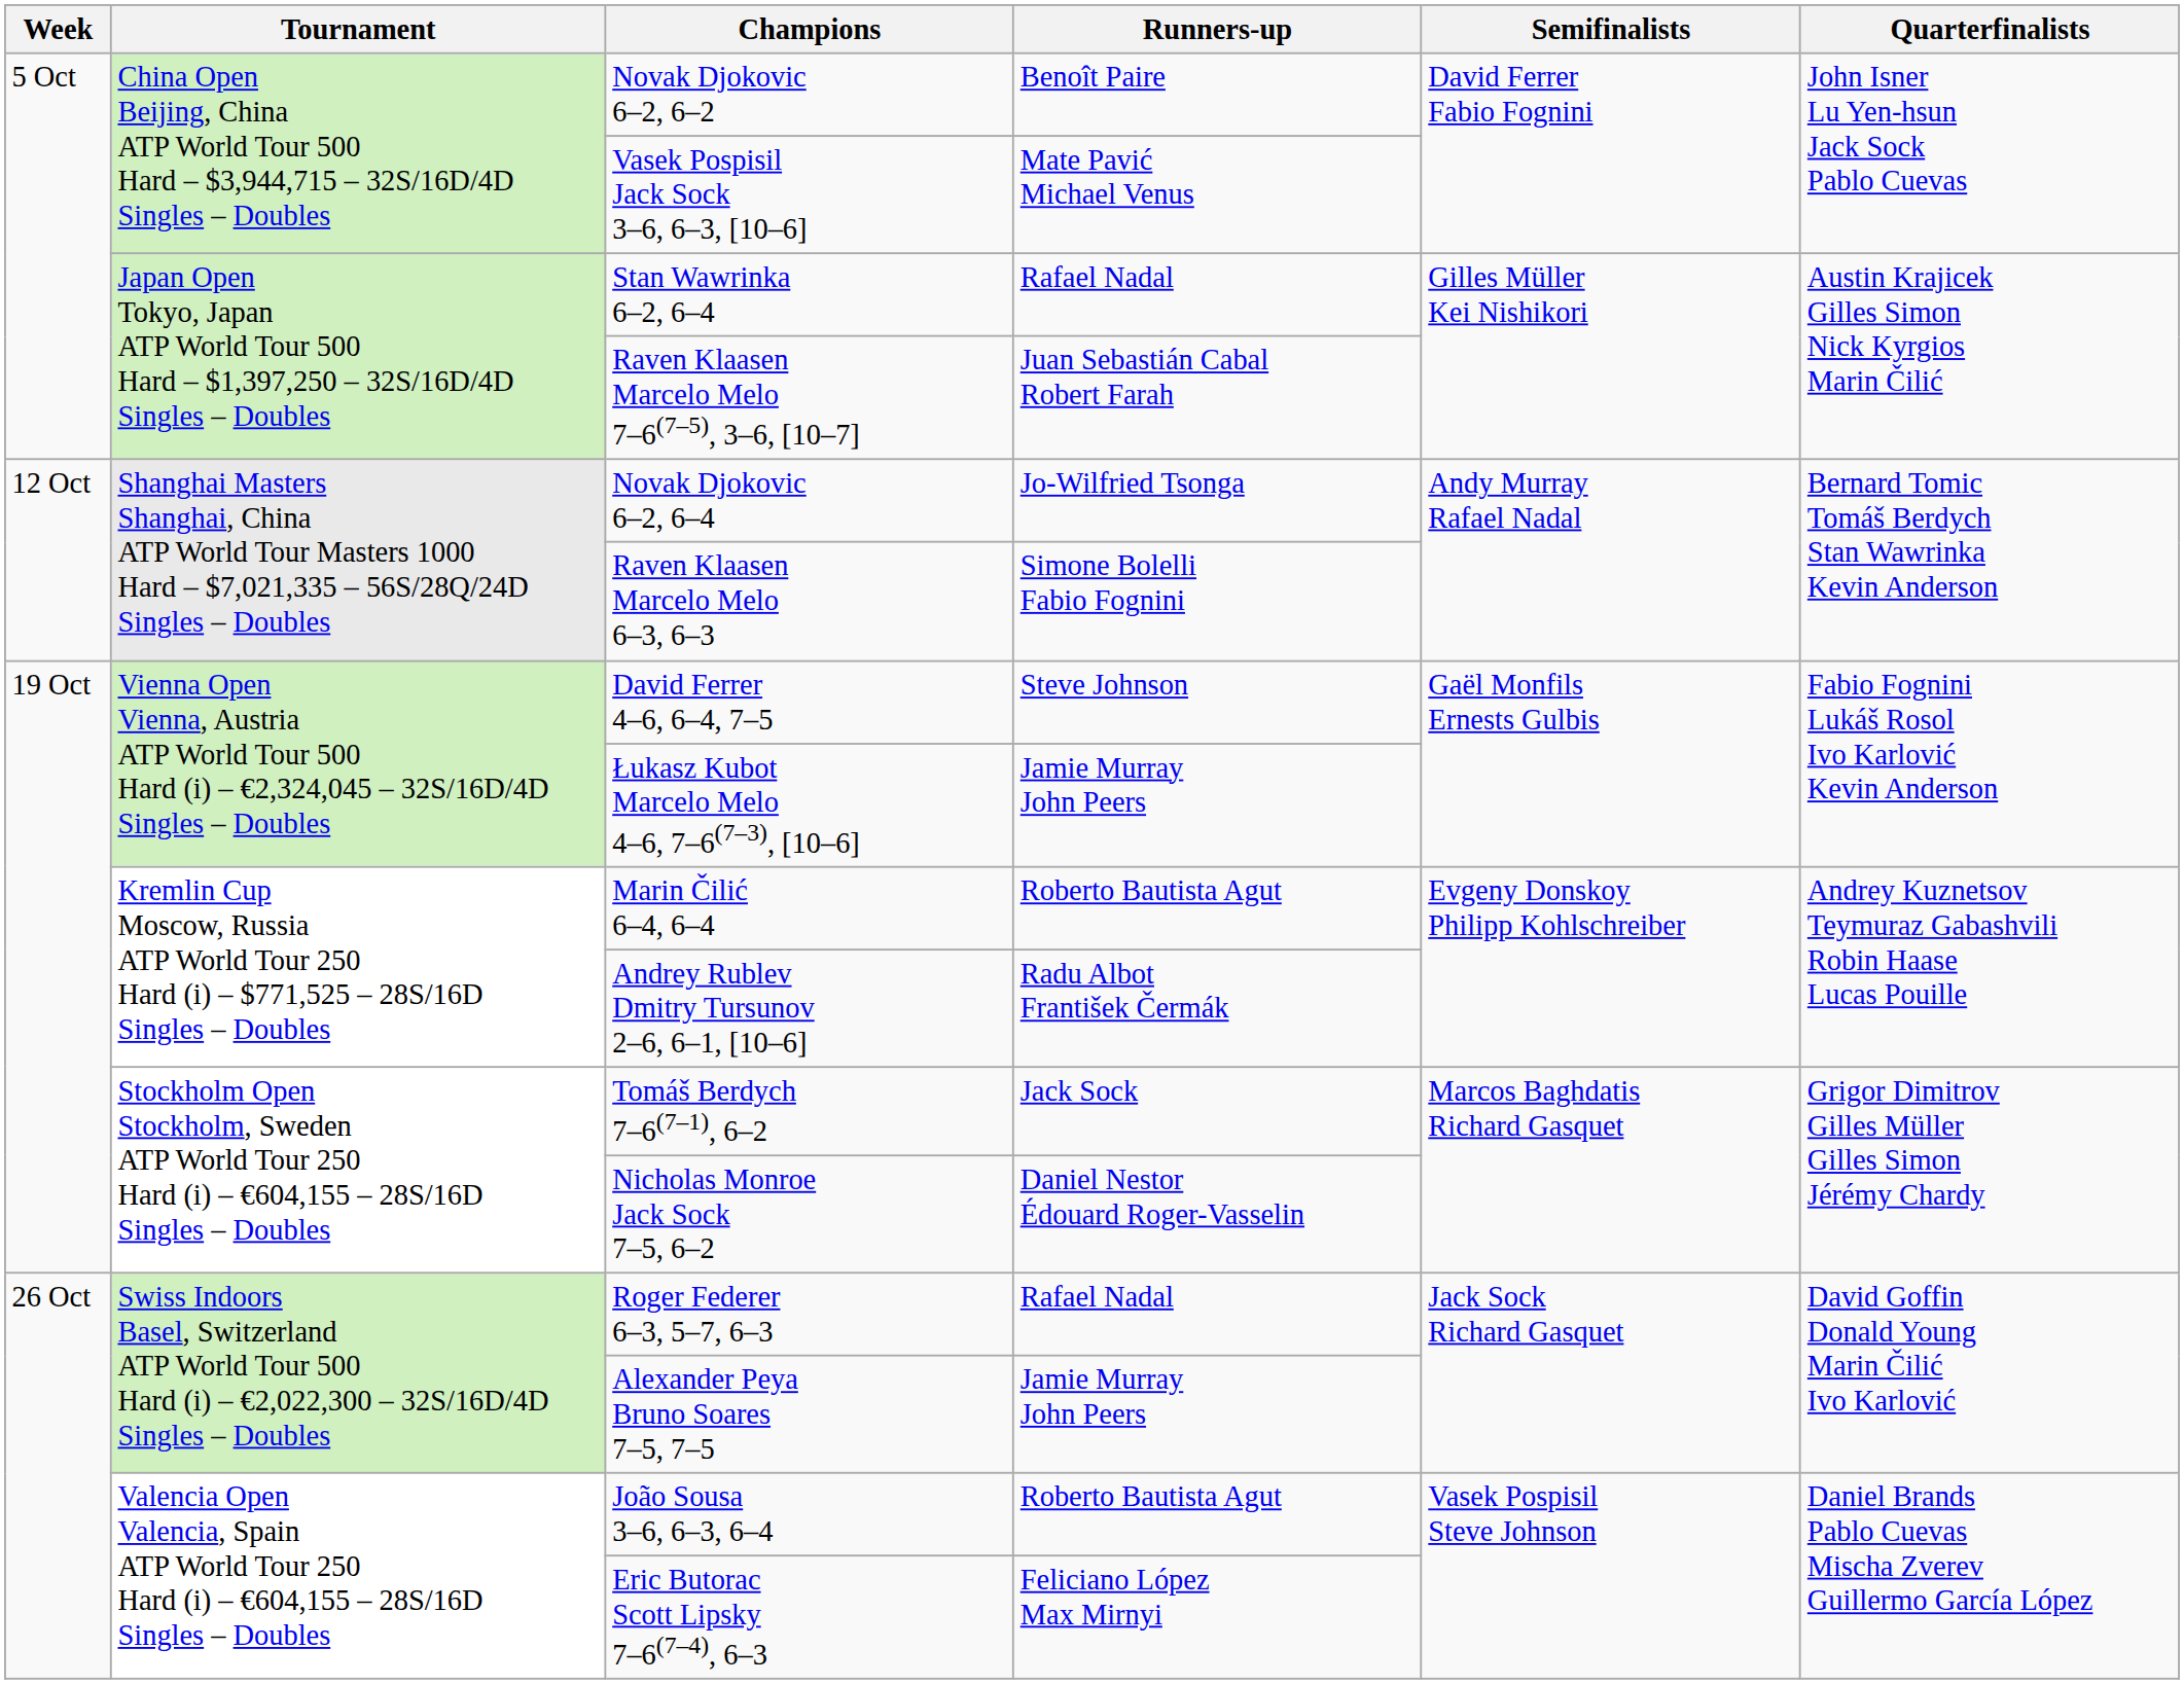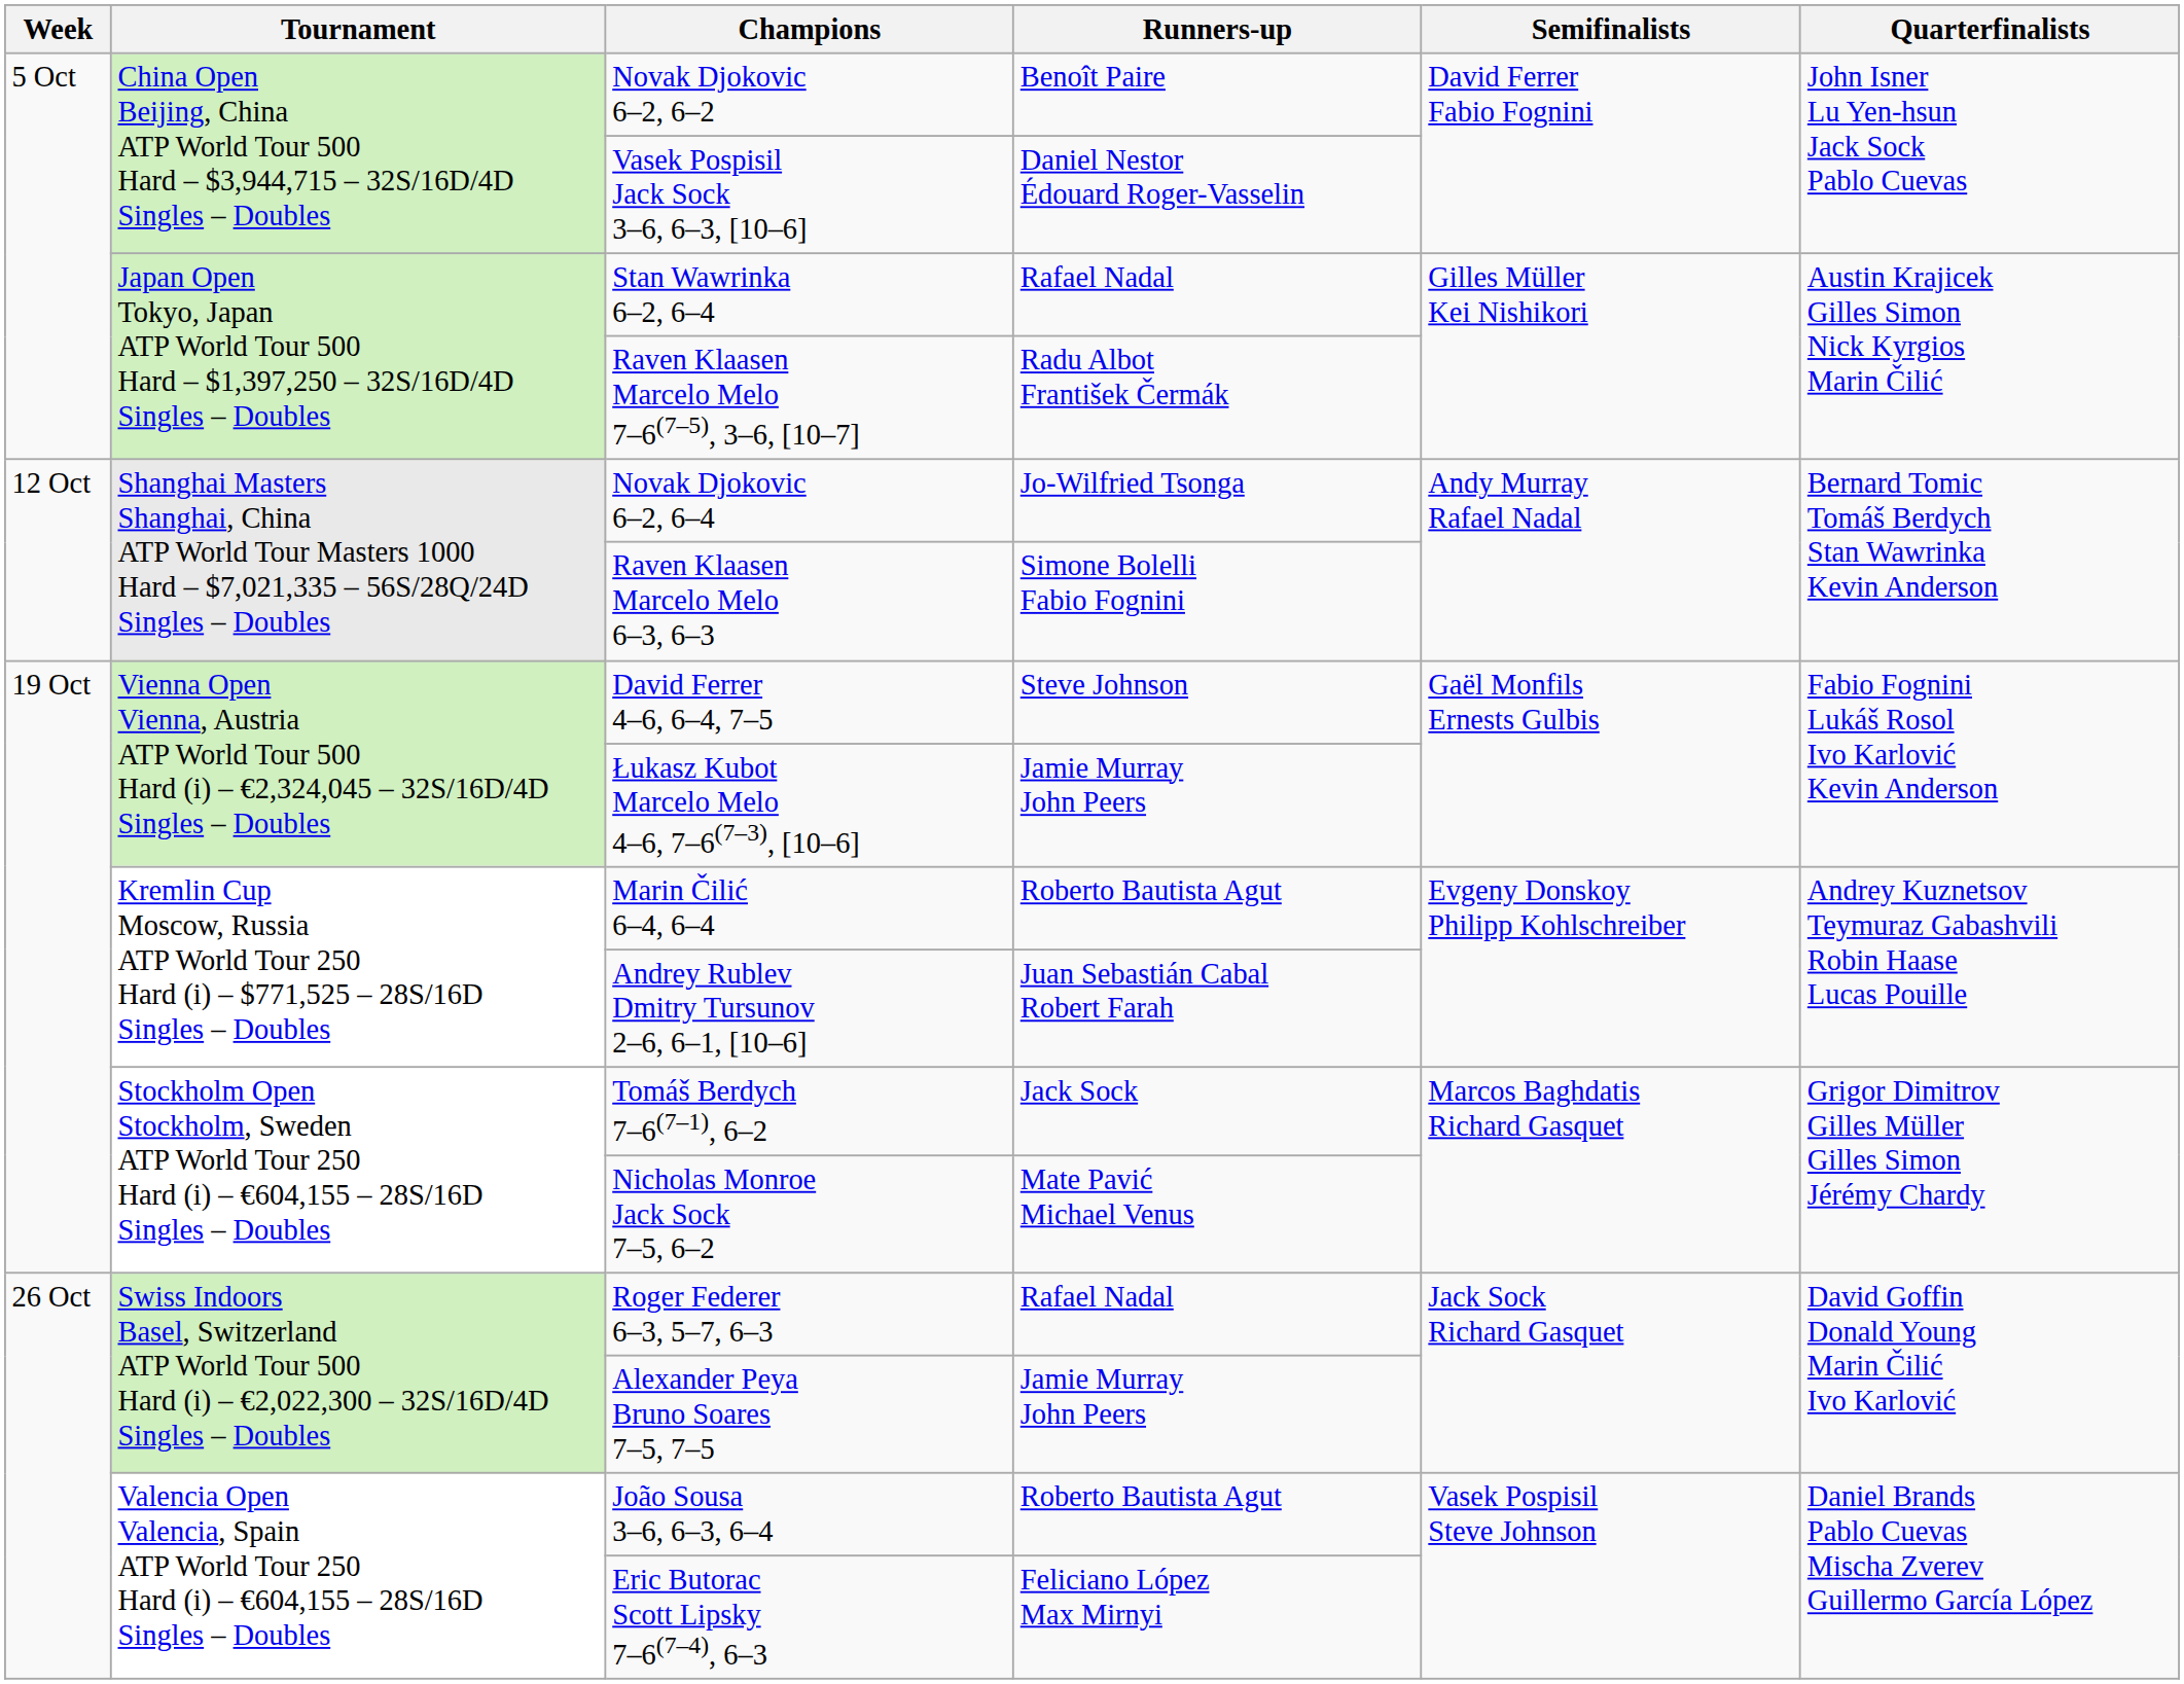 <table class=wikitable style=font-size:95%>
 <tr>
 <th style="width:48px;">Week</th>
 <th style="width:250px;">Tournament</th>
 <th style="width:205px;">Champions</th>
 <th style="width:205px;">Runners-up</th>
 <th style="width:190px;">Semifinalists</th>
 <th style="width:190px;">Quarterfinalists</th>
 </tr>
 <tr valign=top>
 <td rowspan=4>5 Oct</td>
 <td bgcolor=#d0f0c0 rowspan=2><a href='#'>China Open</a><br> <a href='#'>Beijing</a>, China<br>ATP World Tour 500<br>Hard – $3,944,715 – 32S/16D/4D<br><a href='#'>Singles</a> – <a href='#'>Doubles</a></td>
 <td> <a href='#'>Novak Djokovic</a> <br> 6–2, 6–2</td>
 <td> <a href='#'>Benoît Paire</a></td>
 <td rowspan=2> <a href='#'>David Ferrer</a> <br>  <a href='#'>Fabio Fognini</a></td>
 <td rowspan=2> <a href='#'>John Isner</a> <br>  <a href='#'>Lu Yen-hsun</a> <br>  <a href='#'>Jack Sock</a> <br>  <a href='#'>Pablo Cuevas</a></td>
 </tr>
 <tr valign=top>
 <td> <a href='#'>Vasek Pospisil</a> <br>   <a href='#'>Jack Sock</a> <br> 3–6, 6–3, [10–6]</td>
-<td> <a href='#'>Mate Pavić</a> <br>  <a href='#'>Michael Venus</a></td>
+<td> <a href='#'>Daniel Nestor</a> <br>  <a href='#'>Édouard Roger-Vasselin</a></td>
 </tr>
 <tr valign=top>
 <td bgcolor=#d0f0c0 rowspan=2><a href='#'>Japan Open</a><br> Tokyo, Japan<br>ATP World Tour 500<br>Hard – $1,397,250 – 32S/16D/4D<br><a href='#'>Singles</a> – <a href='#'>Doubles</a></td>
 <td> <a href='#'>Stan Wawrinka</a><br> 6–2, 6–4</td>
 <td> <a href='#'>Rafael Nadal</a></td>
 <td rowspan=2> <a href='#'>Gilles Müller</a> <br> <a href='#'>Kei Nishikori</a></td>
 <td rowspan=2> <a href='#'>Austin Krajicek</a> <br>  <a href='#'>Gilles Simon</a> <br>  <a href='#'>Nick Kyrgios</a> <br> <a href='#'>Marin Čilić</a></td>
 </tr>
 <tr valign=top>
 <td> <a href='#'>Raven Klaasen</a> <br>  <a href='#'>Marcelo Melo</a> <br> 7–6<sup>(7–5)</sup>, 3–6, [10–7]</td>
-<td> <a href='#'>Juan Sebastián Cabal</a><br>  <a href='#'>Robert Farah</a></td>
+<td> <a href='#'>Radu Albot</a> <br>  <a href='#'>František Čermák</a></td>
 </tr>
 <tr valign=top>
 <td rowspan=2>12 Oct</td>
 <td bgcolor=#E9E9E9 rowspan=2><a href='#'>Shanghai Masters</a><br> <a href='#'>Shanghai</a>, China<br>ATP World Tour Masters 1000<br>Hard – $7,021,335 – 56S/28Q/24D<br><a href='#'>Singles</a> – <a href='#'>Doubles</a></td>
 <td> <a href='#'>Novak Djokovic</a> <br> 6–2, 6–4</td>
 <td> <a href='#'>Jo-Wilfried Tsonga</a></td>
 <td rowspan=2> <a href='#'>Andy Murray</a><br>  <a href='#'>Rafael Nadal</a></td>
 <td rowspan=2> <a href='#'>Bernard Tomic</a> <br>  <a href='#'>Tomáš Berdych</a> <br>  <a href='#'>Stan Wawrinka</a> <br> <a href='#'>Kevin Anderson</a></td>
 </tr>
 <tr valign=top>
 <td> <a href='#'>Raven Klaasen</a> <br>  <a href='#'>Marcelo Melo</a> <br> 6–3, 6–3</td>
 <td> <a href='#'>Simone Bolelli</a> <br>  <a href='#'>Fabio Fognini</a></td>
 </tr>
 <tr valign=top>
 <td rowspan=6>19 Oct</td>
 <td bgcolor=#d0f0c0 rowspan=2><a href='#'>Vienna Open</a><br> <a href='#'>Vienna</a>, Austria<br>ATP World Tour 500<br>Hard (i) – €2,324,045 – 32S/16D/4D<br><a href='#'>Singles</a> – <a href='#'>Doubles</a></td>
 <td> <a href='#'>David Ferrer</a> <br> 4–6, 6–4, 7–5</td>
 <td> <a href='#'>Steve Johnson</a></td>
 <td rowspan=2> <a href='#'>Gaël Monfils</a> <br>  <a href='#'>Ernests Gulbis</a></td>
 <td rowspan=2> <a href='#'>Fabio Fognini</a> <br>  <a href='#'>Lukáš Rosol</a> <br>  <a href='#'>Ivo Karlović</a> <br>  <a href='#'>Kevin Anderson</a></td>
 </tr>
 <tr valign=top>
 <td> <a href='#'>Łukasz Kubot</a> <br>  <a href='#'>Marcelo Melo</a> <br> 4–6, 7–6<sup>(7–3)</sup>, [10–6]</td>
 <td> <a href='#'>Jamie Murray</a> <br>  <a href='#'>John Peers</a></td>
 </tr>
 <tr valign=top>
 <td bgcolor=#ffffff rowspan=2><a href='#'>Kremlin Cup</a><br> Moscow, Russia<br>ATP World Tour 250<br>Hard (i) – $771,525 – 28S/16D<br><a href='#'>Singles</a> – <a href='#'>Doubles</a></td>
 <td> <a href='#'>Marin Čilić</a> <br> 6–4, 6–4</td>
 <td> <a href='#'>Roberto Bautista Agut</a></td>
 <td rowspan=2> <a href='#'>Evgeny Donskoy</a> <br>  <a href='#'>Philipp Kohlschreiber</a></td>
 <td rowspan=2> <a href='#'>Andrey Kuznetsov</a> <br>  <a href='#'>Teymuraz Gabashvili</a> <br>  <a href='#'>Robin Haase</a> <br>  <a href='#'>Lucas Pouille</a></td>
 </tr>
 <tr valign=top>
 <td> <a href='#'>Andrey Rublev</a> <br>  <a href='#'>Dmitry Tursunov</a> <br> 2–6, 6–1, [10–6]</td>
-<td> <a href='#'>Radu Albot</a> <br>  <a href='#'>František Čermák</a></td>
+<td> <a href='#'>Juan Sebastián Cabal</a><br>  <a href='#'>Robert Farah</a></td>
 </tr>
 <tr valign=top>
 <td bgcolor=#ffffff rowspan=2><a href='#'>Stockholm Open</a><br> <a href='#'>Stockholm</a>, Sweden<br>ATP World Tour 250<br>Hard (i) – €604,155 – 28S/16D<br><a href='#'>Singles</a> – <a href='#'>Doubles</a></td>
 <td> <a href='#'>Tomáš Berdych</a> <br> 7–6<sup>(7–1)</sup>, 6–2</td>
 <td> <a href='#'>Jack Sock</a></td>
 <td rowspan=2> <a href='#'>Marcos Baghdatis</a> <br>  <a href='#'>Richard Gasquet</a></td>
 <td rowspan=2> <a href='#'>Grigor Dimitrov</a> <br>  <a href='#'>Gilles Müller</a> <br>  <a href='#'>Gilles Simon</a> <br>  <a href='#'>Jérémy Chardy</a></td>
 </tr>
 <tr valign=top>
 <td> <a href='#'>Nicholas Monroe</a> <br>  <a href='#'>Jack Sock</a> <br> 7–5, 6–2</td>
-<td> <a href='#'>Daniel Nestor</a> <br>  <a href='#'>Édouard Roger-Vasselin</a></td>
+<td> <a href='#'>Mate Pavić</a> <br>  <a href='#'>Michael Venus</a></td>
 </tr>
 <tr valign=top>
 <td rowspan=4>26 Oct</td>
 <td bgcolor=#d0f0c0 rowspan=2><a href='#'>Swiss Indoors</a><br> <a href='#'>Basel</a>, Switzerland<br>ATP World Tour 500<br>Hard (i) – €2,022,300 – 32S/16D/4D<br><a href='#'>Singles</a> – <a href='#'>Doubles</a></td>
 <td> <a href='#'>Roger Federer</a> <br> 6–3, 5–7, 6–3</td>
 <td> <a href='#'>Rafael Nadal</a></td>
 <td rowspan=2> <a href='#'>Jack Sock</a> <br>  <a href='#'>Richard Gasquet</a></td>
 <td rowspan=2> <a href='#'>David Goffin</a> <br>  <a href='#'>Donald Young</a> <br>  <a href='#'>Marin Čilić</a> <br>  <a href='#'>Ivo Karlović</a></td>
 </tr>
 <tr valign=top>
 <td> <a href='#'>Alexander Peya</a> <br>  <a href='#'>Bruno Soares</a> <br> 7–5, 7–5</td>
 <td> <a href='#'>Jamie Murray</a> <br>  <a href='#'>John Peers</a></td>
 </tr>
 <tr valign=top>
 <td bgcolor=#ffffff rowspan=2><a href='#'>Valencia Open</a><br> <a href='#'>Valencia</a>, Spain<br>ATP World Tour 250<br>Hard (i) – €604,155 – 28S/16D<br><a href='#'>Singles</a> – <a href='#'>Doubles</a></td>
 <td> <a href='#'>João Sousa</a><br>3–6, 6–3, 6–4</td>
 <td> <a href='#'>Roberto Bautista Agut</a></td>
 <td rowspan=2> <a href='#'>Vasek Pospisil</a> <br>  <a href='#'>Steve Johnson</a></td>
 <td rowspan=2> <a href='#'>Daniel Brands</a> <br>  <a href='#'>Pablo Cuevas</a> <br>  <a href='#'>Mischa Zverev</a> <br>  <a href='#'>Guillermo García López</a></td>
 </tr>
 <tr valign=top>
 <td> <a href='#'>Eric Butorac</a> <br>  <a href='#'>Scott Lipsky</a> <br> 7–6<sup>(7–4)</sup>, 6–3</td>
 <td> <a href='#'>Feliciano López</a> <br>  <a href='#'>Max Mirnyi</a></td>
 </tr>
 </table>
